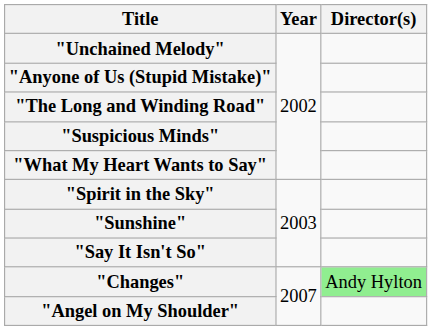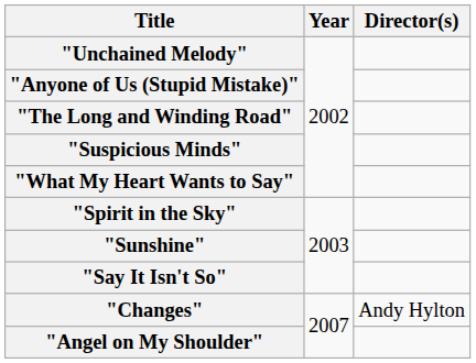 <table class="wikitable plainrowheaders">
 <tr>
 <th scope="col">Title</th>
 <th scope="col">Year</th>
 <th scope="col">Director(s)</th>
 </tr>
 <tr>
 <th scope="row">"Unchained Melody"</th>
 <td rowspan="5">2002</td>
 <td></td>
 </tr>
 <tr>
 <th scope="row">"Anyone of Us (Stupid Mistake)"</th>
 <td></td>
 </tr>
 <tr>
 <th scope="row">"The Long and Winding Road"</th>
 <td></td>
 </tr>
 <tr>
 <th scope="row">"Suspicious Minds"</th>
 <td></td>
 </tr>
 <tr>
 <th scope="row">"What My Heart Wants to Say"</th>
 <td></td>
 </tr>
 <tr>
 <th scope="row">"Spirit in the Sky"</th>
 <td rowspan="3">2003</td>
 <td></td>
 </tr>
 <tr>
 <th scope="row">"Sunshine"</th>
 <td></td>
 </tr>
 <tr>
 <th scope="row">"Say It Isn't So"</th>
 <td></td>
 </tr>
 <tr>
 <th scope="row">"Changes"</th>
 <td rowspan="2">2007</td>
-<td style="background: lightgreen;">Andy Hylton</td>
+<td>Andy Hylton</td>
 </tr>
 <tr>
 <th scope="row">"Angel on My Shoulder"</th>
 <td></td>
 </tr>
 </table>
